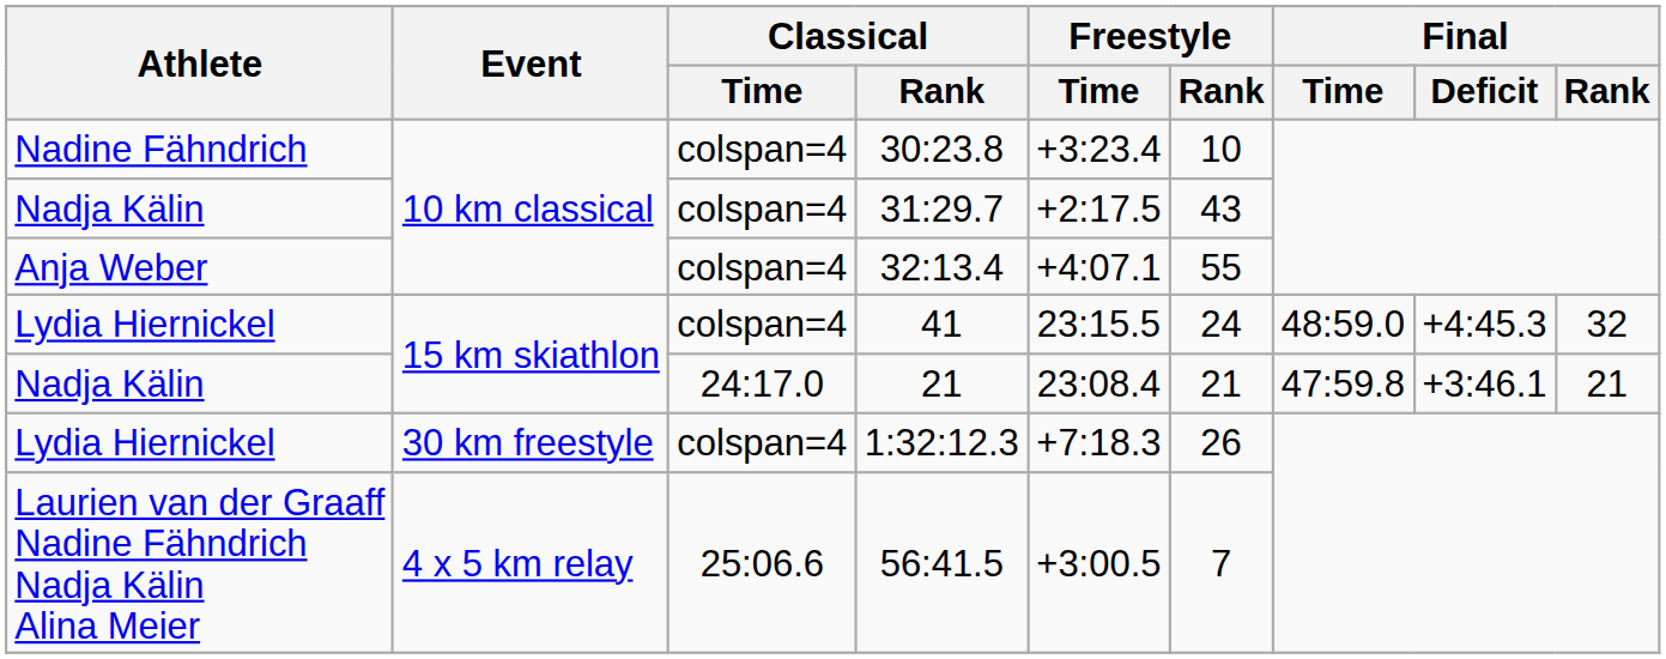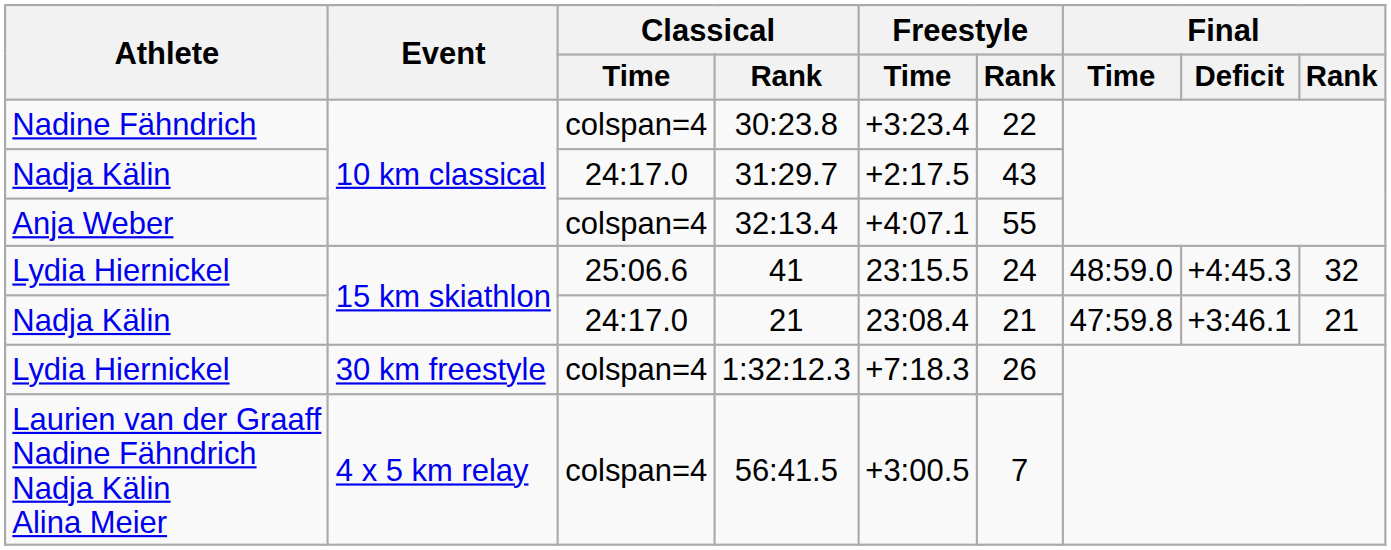 <table class=wikitable style=font-size:90%;text-align:center>
 <tr>
 <th rowspan=2>Athlete</th>
 <th rowspan=2>Event</th>
 <th colspan=2>Classical</th>
 <th colspan=2>Freestyle</th>
 <th colspan=3>Final</th>
 </tr>
 <tr style="font-size: 95%">
 <th>Time</th>
 <th>Rank</th>
 <th>Time</th>
 <th>Rank</th>
 <th>Time</th>
 <th>Deficit</th>
 <th>Rank</th>
 </tr>
 <tr>
 <td align=left><a href='#'>Nadine Fähndrich</a></td>
 <td align=left rowspan=3><a href='#'>10 km classical</a></td>
 <td>colspan=4</td>
 <td>30:23.8</td>
 <td>+3:23.4</td>
-<td>10</td>
+<td>22</td>
 </tr>
 <tr>
 <td align=left><a href='#'>Nadja Kälin</a></td>
-<td>colspan=4</td>
+<td>24:17.0</td>
 <td>31:29.7</td>
 <td>+2:17.5</td>
 <td>43</td>
 </tr>
 <tr>
 <td align=left><a href='#'>Anja Weber</a></td>
 <td>colspan=4</td>
 <td>32:13.4</td>
 <td>+4:07.1</td>
 <td>55</td>
 </tr>
 <tr>
 <td align=left><a href='#'>Lydia Hiernickel</a></td>
 <td align=left rowspan=2><a href='#'>15 km skiathlon</a></td>
-<td>colspan=4 </td>
+<td>25:06.6</td>
 <td>41</td>
 <td>23:15.5</td>
 <td>24</td>
 <td>48:59.0</td>
 <td>+4:45.3</td>
 <td>32</td>
 </tr>
 <tr>
 <td align=left><a href='#'>Nadja Kälin</a></td>
 <td>24:17.0</td>
 <td>21</td>
 <td>23:08.4</td>
 <td>21</td>
 <td>47:59.8</td>
 <td>+3:46.1</td>
 <td>21</td>
 </tr>
 <tr>
 <td align=left><a href='#'>Lydia Hiernickel</a></td>
 <td align=left><a href='#'>30 km freestyle</a></td>
 <td>colspan=4</td>
 <td>1:32:12.3</td>
 <td>+7:18.3</td>
 <td>26</td>
 </tr>
 <tr>
 <td align=left><a href='#'>Laurien van der Graaff</a><br><a href='#'>Nadine Fähndrich</a><br><a href='#'>Nadja Kälin</a><br><a href='#'>Alina Meier</a></td>
 <td align=left><a href='#'>4 x 5 km relay</a></td>
-<td>25:06.6</td>
+<td>colspan=4 </td>
 <td>56:41.5</td>
 <td>+3:00.5</td>
 <td>7</td>
 </tr>
 </table>
